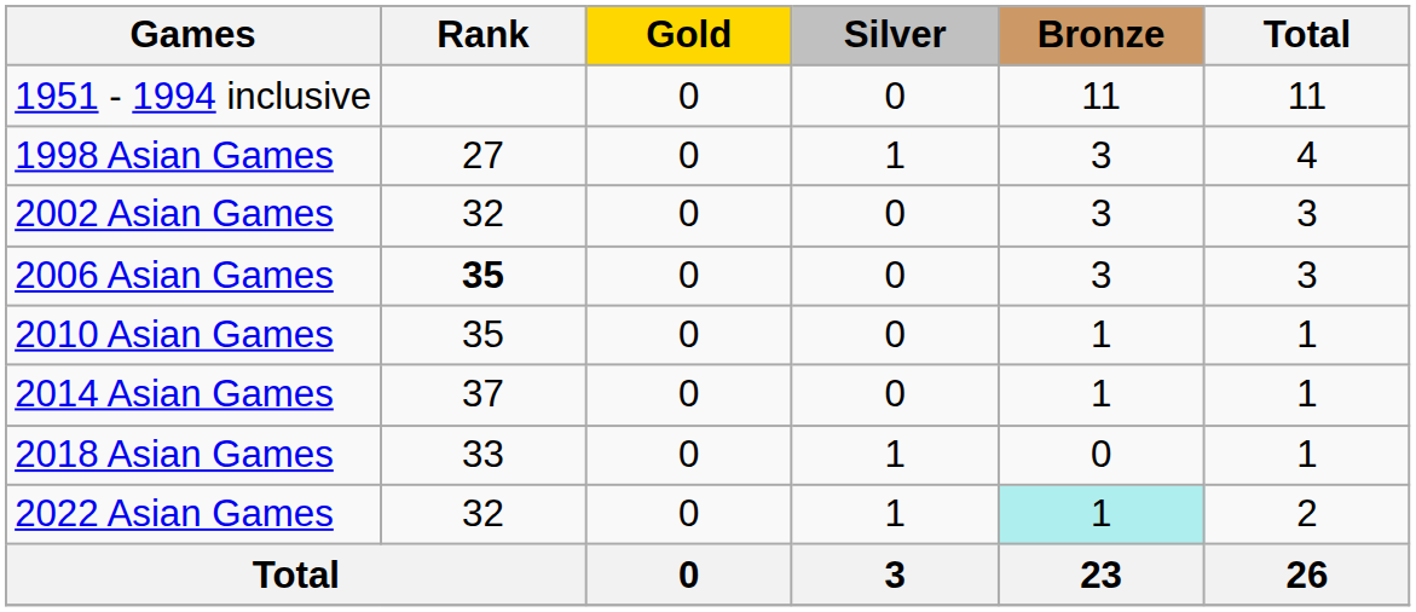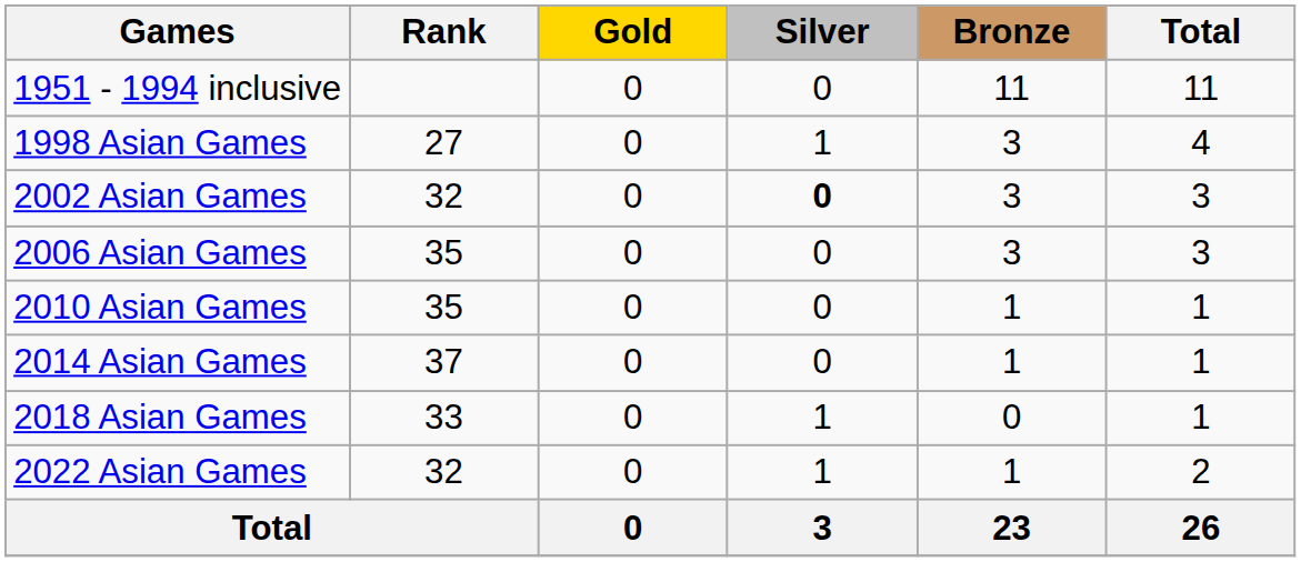 <table class="wikitable sortable" style="margin-top:0em; text-align:center; font-size:100%;">
 <tr>
 <th>Games</th>
 <th style="width:5em;">Rank</th>
 <td style="background:gold; width:5em;"><strong>Gold</strong></td>
 <td style="background:silver; width:5em;"><strong>Silver</strong></td>
 <td style="background:#cc9966; width:5em;"><strong>Bronze</strong></td>
 <th style="width:5em;">Total</th>
 </tr>
 <tr>
 <td align=left><a href='#'>1951</a> - <a href='#'>1994</a> inclusive</td>
 <td></td>
 <td>0</td>
 <td>0</td>
 <td>11</td>
 <td>11</td>
 </tr>
 <tr>
 <td align=left><a href='#'>1998 Asian Games</a></td>
 <td>27</td>
 <td>0</td>
 <td>1</td>
 <td>3</td>
 <td>4</td>
 </tr>
 <tr>
 <td align=left><a href='#'>2002 Asian Games</a></td>
 <td>32</td>
 <td>0</td>
-<td>0</td>
+<td><strong>0</strong></td>
 <td>3</td>
 <td>3</td>
 </tr>
 <tr>
 <td align=left><a href='#'>2006 Asian Games</a></td>
-<td><strong>35</strong></td>
+<td>35</td>
 <td>0</td>
 <td>0</td>
 <td>3</td>
 <td>3</td>
 </tr>
 <tr>
 <td align=left><a href='#'>2010 Asian Games</a></td>
 <td>35</td>
 <td>0</td>
 <td>0</td>
 <td>1</td>
 <td>1</td>
 </tr>
 <tr>
 <td align=left><a href='#'>2014 Asian Games</a></td>
 <td>37</td>
 <td>0</td>
 <td>0</td>
 <td>1</td>
 <td>1</td>
 </tr>
 <tr>
 <td align=left><a href='#'>2018 Asian Games</a></td>
 <td>33</td>
 <td>0</td>
 <td>1</td>
 <td>0</td>
 <td>1</td>
 </tr>
 <tr>
 <td align=left><a href='#'>2022 Asian Games</a></td>
 <td>32</td>
 <td>0</td>
 <td>1</td>
-<td style="background: paleturquoise;">1</td>
+<td>1</td>
 <td>2</td>
 </tr>
 <tr>
 <th colspan=2><strong>Total</strong></th>
 <th><strong>0</strong></th>
 <th><strong>3</strong></th>
 <th><strong>23</strong></th>
 <th><strong>26</strong></th>
 </tr>
 <tr class="sortbottom">
 </tr>
 </table>
